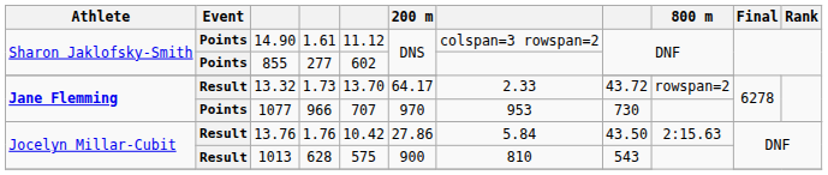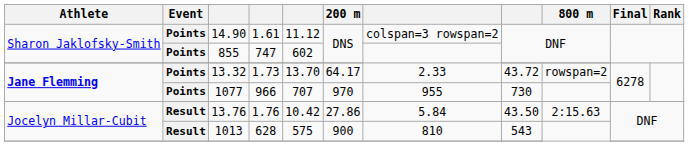 <table class=wikitable style=font-size:90%;text-align:center>
 <tr>
 <th>Athlete</th>
 <th>Event</th>
 <th></th>
 <th></th>
 <th></th>
 <th>200 m</th>
 <th></th>
 <th></th>
 <th>800 m</th>
 <th>Final</th>
 <th>Rank</th>
 </tr>
 <tr>
 <td align=left rowspan=2><a href='#'>Sharon Jaklofsky-Smith</a></td>
 <th style=font-size:95%>Points</th>
 <td>14.90</td>
 <td>1.61</td>
 <td>11.12</td>
 <td rowspan=2>DNS</td>
 <td>colspan=3 rowspan=2 </td>
 <td colspan=2 rowspan=2>DNF</td>
 </tr>
 <tr>
 <th style=font-size:95%>Points</th>
 <td>855</td>
-<td>277</td>
+<td>747</td>
 <td>602</td>
 </tr>
 <tr>
 </tr>
 <tr>
 <td align=left rowspan=2><strong><a href='#'>Jane Flemming</a></strong></td>
-<th style=font-size:95%>Result</th>
+<th style=font-size:95%>Points</th>
 <td>13.32</td>
 <td>1.73</td>
 <td>13.70</td>
 <td>64.17</td>
 <td>2.33</td>
 <td>43.72</td>
 <td>rowspan=2 </td>
 <td rowspan=2>6278</td>
 <td rowspan=2></td>
 </tr>
 <tr>
 <th style=font-size:95%>Points</th>
 <td>1077</td>
 <td>966</td>
 <td>707</td>
 <td>970</td>
-<td>953</td>
+<td>955</td>
 <td>730</td>
 <td></td>
 </tr>
 <tr>
 </tr>
 <tr>
 <td align=left rowspan=2><a href='#'>Jocelyn Millar-Cubit</a></td>
 <th style=font-size:95%>Result</th>
 <td>13.76</td>
 <td>1.76</td>
 <td>10.42</td>
 <td>27.86</td>
 <td>5.84</td>
 <td>43.50</td>
 <td>2:15.63</td>
 <td colspan=2 rowspan=2>DNF</td>
 </tr>
 <tr>
 <th style=font-size:95%>Result</th>
 <td>1013</td>
 <td>628</td>
 <td>575</td>
 <td>900</td>
 <td>810</td>
 <td>543</td>
 </tr>
 <tr>
 </tr>
 </table>
